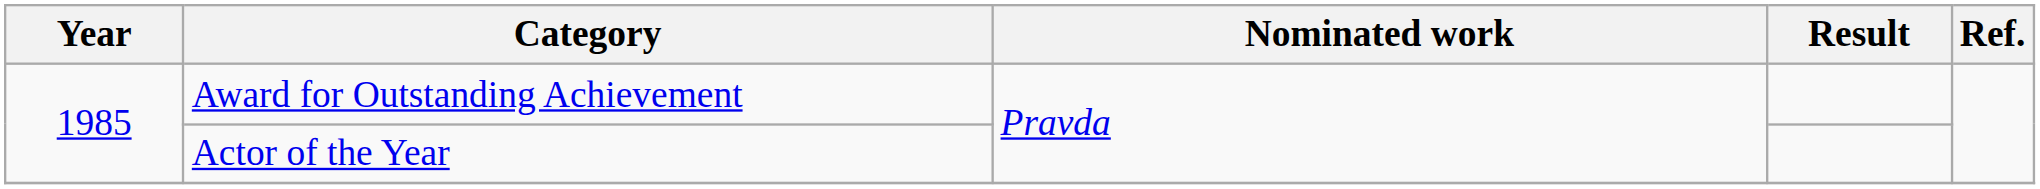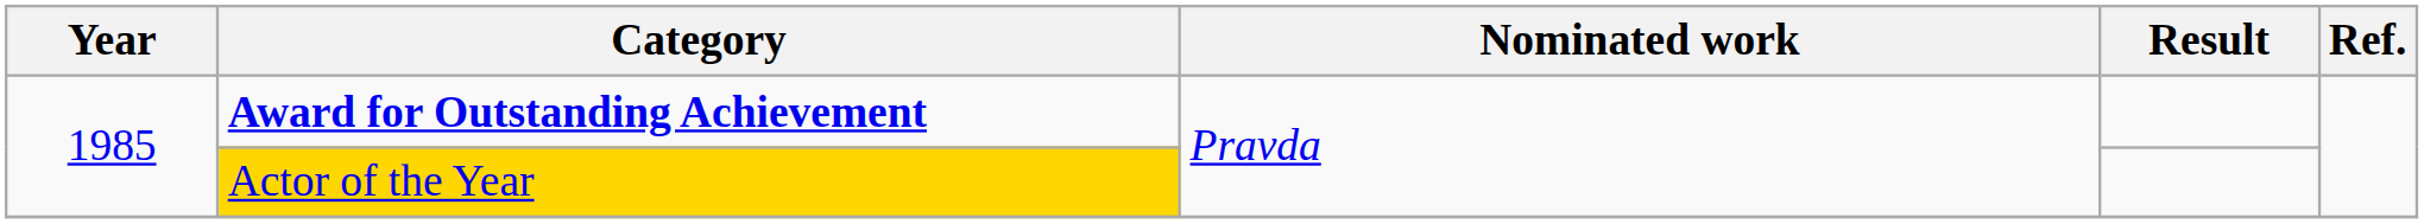 <table class=wikitable>
 <tr>
 <th scope="col" style="width:5em;">Year</th>
 <th scope="col" style="width:26em;">Category</th>
 <th scope="col" style="width:25em;">Nominated work</th>
 <th scope="col" style="width:5em;">Result</th>
 <th>Ref.</th>
 </tr>
 <tr>
 <td style="text-align:center;", rowspan=2><a href='#'>1985</a></td>
-<td><a href='#'>Award for Outstanding Achievement</a></td>
+<td><strong><a href='#'>Award for Outstanding Achievement</a></strong></td>
 <td rowspan=2><em><a href='#'>Pravda</a></em></td>
 <td></td>
 <td style="text-align:center;", rowspan=2></td>
 </tr>
 <tr>
-<td><a href='#'>Actor of the Year</a></td>
+<td style="background: gold;"><a href='#'>Actor of the Year</a></td>
 <td></td>
 </tr>
 <tr>
 </tr>
 </table>
